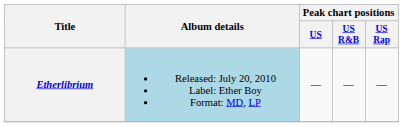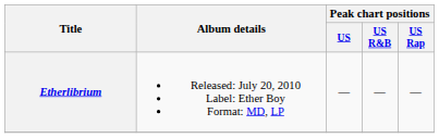 <table class="wikitable plainrowheaders" style="text-align:center;">
 <tr>
 <th scope="col" rowspan="2" style="width:11em;">Title</th>
 <th scope="col" rowspan="2" style="width:16em;">Album details</th>
 <th scope="col" colspan="3">Peak chart positions</th>
 </tr>
 <tr>
 <th style="width:3em;font-size:90%;"><a href='#'>US</a><br></th>
 <th style="width:3em;font-size:90%;"><a href='#'>US R&B</a></th>
 <th style="width:3em;font-size:90%;"><a href='#'>US Rap</a></th>
 </tr>
 <tr>
 <th scope="row"><em><a href='#'>Etherlibrium</a></em></th>
-<td style="background: lightblue;"><br><ul><li>Released: July 20, 2010</li><li>Label: Ether Boy</li><li>Format: <a href='#'>MD</a>, <a href='#'>LP</a></li></ul></td>
+<td><br><ul><li>Released: July 20, 2010</li><li>Label: Ether Boy</li><li>Format: <a href='#'>MD</a>, <a href='#'>LP</a></li></ul></td>
 <td>—</td>
 <td>—</td>
 <td>—</td>
 </tr>
 <tr>
 </tr>
 </table>
